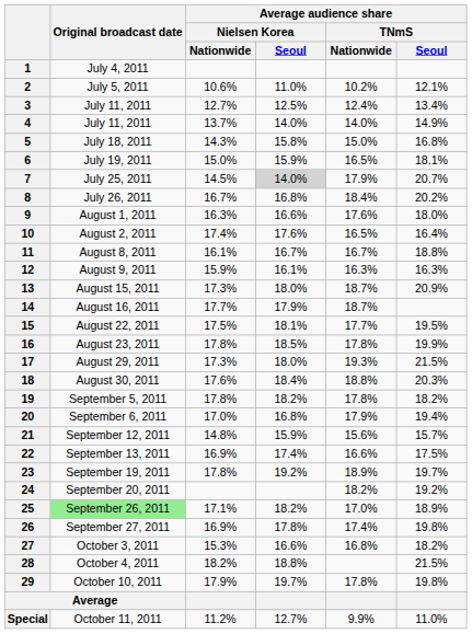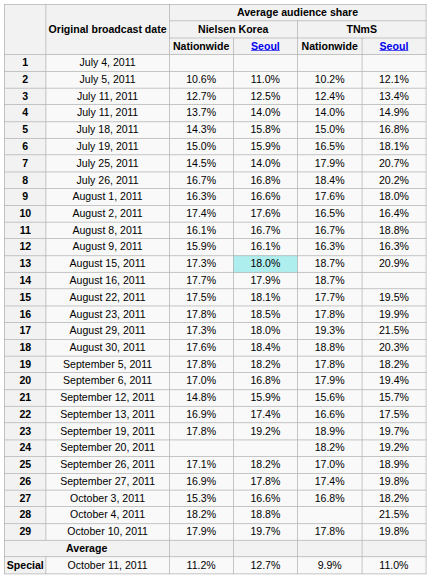 <table class="wikitable" style="text-align:center;">
 <tr>
 <th rowspan="3"></th>
 <th rowspan="3">Original broadcast date</th>
 <th colspan="4">Average audience share</th>
 </tr>
 <tr>
 <th colspan="2">Nielsen Korea</th>
 <th colspan="2">TNmS</th>
 </tr>
 <tr>
 <th width="90">Nationwide</th>
 <th width="90"><a href='#'>Seoul</a></th>
 <th width="90">Nationwide</th>
 <th width="90"><a href='#'>Seoul</a></th>
 </tr>
 <tr>
 <th>1</th>
 <td>July 4, 2011</td>
 <td><strong></strong></td>
 <td><strong></strong></td>
 <td><strong></strong> </td>
 <td><strong></strong> </td>
 </tr>
 <tr>
 <th>2</th>
 <td>July 5, 2011</td>
 <td>10.6%</td>
 <td>11.0%</td>
 <td>10.2% </td>
 <td>12.1% </td>
 </tr>
 <tr>
 <th>3</th>
 <td>July 11, 2011</td>
 <td>12.7%</td>
 <td>12.5%</td>
 <td>12.4% </td>
 <td>13.4% </td>
 </tr>
 <tr>
 <th>4</th>
 <td>July 11, 2011</td>
 <td>13.7%</td>
 <td>14.0%</td>
 <td>14.0% </td>
 <td>14.9% </td>
 </tr>
 <tr>
 <th>5</th>
 <td>July 18, 2011</td>
 <td>14.3%</td>
 <td>15.8%</td>
 <td>15.0% </td>
 <td>16.8% </td>
 </tr>
 <tr>
 <th>6</th>
 <td>July 19, 2011</td>
 <td>15.0%</td>
 <td>15.9%</td>
 <td>16.5% </td>
 <td>18.1% </td>
 </tr>
 <tr>
 <th>7</th>
 <td>July 25, 2011</td>
 <td>14.5%</td>
-<td style="background: lightgrey;">14.0%</td>
+<td>14.0%</td>
 <td>17.9% </td>
 <td>20.7% </td>
 </tr>
 <tr>
 <th>8</th>
 <td>July 26, 2011</td>
 <td>16.7%</td>
 <td>16.8%</td>
 <td>18.4% </td>
 <td>20.2% </td>
 </tr>
 <tr>
 <th>9</th>
 <td>August 1, 2011</td>
 <td>16.3%</td>
 <td>16.6%</td>
 <td>17.6% </td>
 <td>18.0% </td>
 </tr>
 <tr>
 <th>10</th>
 <td>August 2, 2011</td>
 <td>17.4%</td>
 <td>17.6%</td>
 <td>16.5% </td>
 <td>16.4% </td>
 </tr>
 <tr>
 <th>11</th>
 <td>August 8, 2011</td>
 <td>16.1%</td>
 <td>16.7%</td>
 <td>16.7% </td>
 <td>18.8% </td>
 </tr>
 <tr>
 <th>12</th>
 <td>August 9, 2011</td>
 <td>15.9%</td>
 <td>16.1%</td>
 <td>16.3% </td>
 <td>16.3% </td>
 </tr>
 <tr>
 <th>13</th>
 <td>August 15, 2011</td>
 <td>17.3%</td>
-<td>18.0%</td>
+<td style="background: paleturquoise;">18.0%</td>
 <td>18.7% </td>
 <td>20.9% </td>
 </tr>
 <tr>
 <th>14</th>
 <td>August 16, 2011</td>
 <td>17.7%</td>
 <td>17.9%</td>
 <td>18.7% </td>
 <td><strong></strong> </td>
 </tr>
 <tr>
 <th>15</th>
 <td>August 22, 2011</td>
 <td>17.5%</td>
 <td>18.1%</td>
 <td>17.7% </td>
 <td>19.5% </td>
 </tr>
 <tr>
 <th>16</th>
 <td>August 23, 2011</td>
 <td>17.8%</td>
 <td>18.5%</td>
 <td>17.8% </td>
 <td>19.9% </td>
 </tr>
 <tr>
 <th>17</th>
 <td>August 29, 2011</td>
 <td>17.3%</td>
 <td>18.0%</td>
 <td>19.3% </td>
 <td>21.5% </td>
 </tr>
 <tr>
 <th>18</th>
 <td>August 30, 2011</td>
 <td>17.6%</td>
 <td>18.4%</td>
 <td>18.8% </td>
 <td>20.3% </td>
 </tr>
 <tr>
 <th>19</th>
 <td>September 5, 2011</td>
 <td>17.8%</td>
 <td>18.2%</td>
 <td>17.8% </td>
 <td>18.2% </td>
 </tr>
 <tr>
 <th>20</th>
 <td>September 6, 2011</td>
 <td>17.0%</td>
 <td>16.8%</td>
 <td>17.9% </td>
 <td>19.4% </td>
 </tr>
 <tr>
 <th>21</th>
 <td>September 12, 2011</td>
 <td>14.8%</td>
 <td>15.9%</td>
 <td>15.6% </td>
 <td>15.7% </td>
 </tr>
 <tr>
 <th>22</th>
 <td>September 13, 2011</td>
 <td>16.9%</td>
 <td>17.4%</td>
 <td>16.6% </td>
 <td>17.5% </td>
 </tr>
 <tr>
 <th>23</th>
 <td>September 19, 2011</td>
 <td>17.8%</td>
 <td>19.2%</td>
 <td>18.9% </td>
 <td>19.7% </td>
 </tr>
 <tr>
 <th>24</th>
 <td>September 20, 2011</td>
 <td><strong></strong></td>
 <td><strong></strong></td>
 <td>18.2% </td>
 <td>19.2% </td>
 </tr>
 <tr>
 <th>25</th>
-<td style="background: lightgreen;">September 26, 2011</td>
+<td>September 26, 2011</td>
 <td>17.1%</td>
 <td>18.2%</td>
 <td>17.0% </td>
 <td>18.9% </td>
 </tr>
 <tr>
 <th>26</th>
 <td>September 27, 2011</td>
 <td>16.9%</td>
 <td>17.8%</td>
 <td>17.4% </td>
 <td>19.8% </td>
 </tr>
 <tr>
 <th>27</th>
 <td>October 3, 2011</td>
 <td>15.3%</td>
 <td>16.6%</td>
 <td>16.8% </td>
 <td>18.2% </td>
 </tr>
 <tr>
 <th>28</th>
 <td>October 4, 2011</td>
 <td>18.2%</td>
 <td>18.8%</td>
 <td><strong></strong> </td>
 <td>21.5% </td>
 </tr>
 <tr>
 <th>29</th>
 <td>October 10, 2011</td>
 <td>17.9%</td>
 <td>19.7%</td>
 <td>17.8% </td>
 <td>19.8% </td>
 </tr>
 <tr>
 <th colspan="2">Average</th>
 <th></th>
 <th></th>
 <th></th>
 <th></th>
 </tr>
 <tr>
 <th>Special</th>
 <td>October 11, 2011</td>
 <td>11.2%</td>
 <td>12.7%</td>
 <td>9.9% </td>
 <td>11.0% </td>
 </tr>
 </table>
